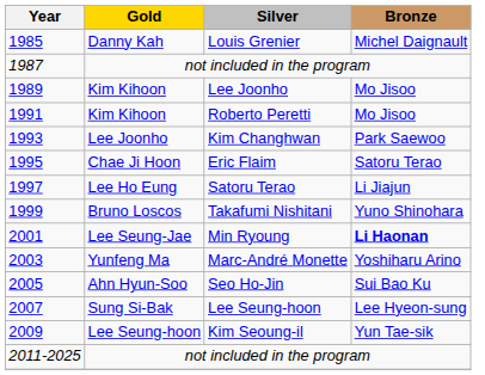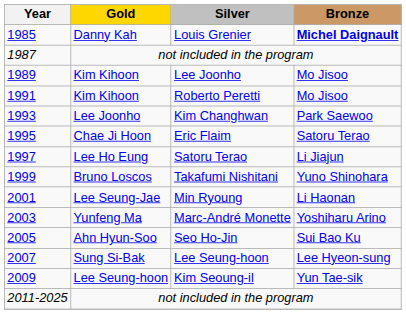 <table class="wikitable">
 <tr>
 <th>Year</th>
 <td align=center bgcolor=gold><strong>Gold</strong></td>
 <td align=center bgcolor=silver><strong>Silver</strong></td>
 <td align=center bgcolor=cc9966><strong>Bronze</strong></td>
 </tr>
 <tr>
 <td><a href='#'>1985</a></td>
 <td> <a href='#'>Danny Kah</a></td>
 <td> <a href='#'>Louis Grenier</a></td>
-<td> <a href='#'>Michel Daignault</a></td>
+<td><strong> <a href='#'>Michel Daignault</a></strong></td>
 </tr>
 <tr>
 <td><em>1987</em></td>
 <td colspan=3 align=center><em>not included in the program</em></td>
 </tr>
 <tr>
 <td><a href='#'>1989</a></td>
 <td> <a href='#'>Kim Kihoon</a></td>
 <td> <a href='#'>Lee Joonho</a></td>
 <td> <a href='#'>Mo Jisoo</a></td>
 </tr>
 <tr>
 <td><a href='#'>1991</a></td>
 <td> <a href='#'>Kim Kihoon</a></td>
 <td> <a href='#'>Roberto Peretti</a></td>
 <td> <a href='#'>Mo Jisoo</a></td>
 </tr>
 <tr>
 <td><a href='#'>1993</a></td>
 <td> <a href='#'>Lee Joonho</a></td>
 <td> <a href='#'>Kim Changhwan</a></td>
 <td> <a href='#'>Park Saewoo</a></td>
 </tr>
 <tr>
 <td><a href='#'>1995</a></td>
 <td> <a href='#'>Chae Ji Hoon</a></td>
 <td> <a href='#'>Eric Flaim</a></td>
 <td> <a href='#'>Satoru Terao</a></td>
 </tr>
 <tr>
 <td><a href='#'>1997</a></td>
 <td> <a href='#'>Lee Ho Eung</a></td>
 <td> <a href='#'>Satoru Terao</a></td>
 <td> <a href='#'>Li Jiajun</a></td>
 </tr>
 <tr>
 <td><a href='#'>1999</a></td>
 <td> <a href='#'>Bruno Loscos</a></td>
 <td> <a href='#'>Takafumi Nishitani</a></td>
 <td> <a href='#'>Yuno Shinohara</a></td>
 </tr>
 <tr>
 <td><a href='#'>2001</a></td>
 <td> <a href='#'>Lee Seung-Jae</a></td>
 <td> <a href='#'>Min Ryoung</a></td>
-<td><strong> <a href='#'>Li Haonan</a></strong></td>
+<td> <a href='#'>Li Haonan</a></td>
 </tr>
 <tr>
 <td><a href='#'>2003</a></td>
 <td> <a href='#'>Yunfeng Ma</a></td>
 <td> <a href='#'>Marc-André Monette</a></td>
 <td> <a href='#'>Yoshiharu Arino</a></td>
 </tr>
 <tr>
 <td><a href='#'>2005</a></td>
 <td> <a href='#'>Ahn Hyun-Soo</a></td>
 <td> <a href='#'>Seo Ho-Jin</a></td>
 <td> <a href='#'>Sui Bao Ku</a></td>
 </tr>
 <tr>
 <td><a href='#'>2007</a></td>
 <td> <a href='#'>Sung Si-Bak</a></td>
 <td> <a href='#'>Lee Seung-hoon</a></td>
 <td> <a href='#'>Lee Hyeon-sung</a></td>
 </tr>
 <tr>
 <td><a href='#'>2009</a></td>
 <td> <a href='#'>Lee Seung-hoon</a></td>
 <td> <a href='#'>Kim Seoung-il</a></td>
 <td> <a href='#'>Yun Tae-sik</a></td>
 </tr>
 <tr>
 <td><em>2011-2025</em></td>
 <td colspan=3 align=center><em>not included in the program</em></td>
 </tr>
 <tr>
 </tr>
 </table>
